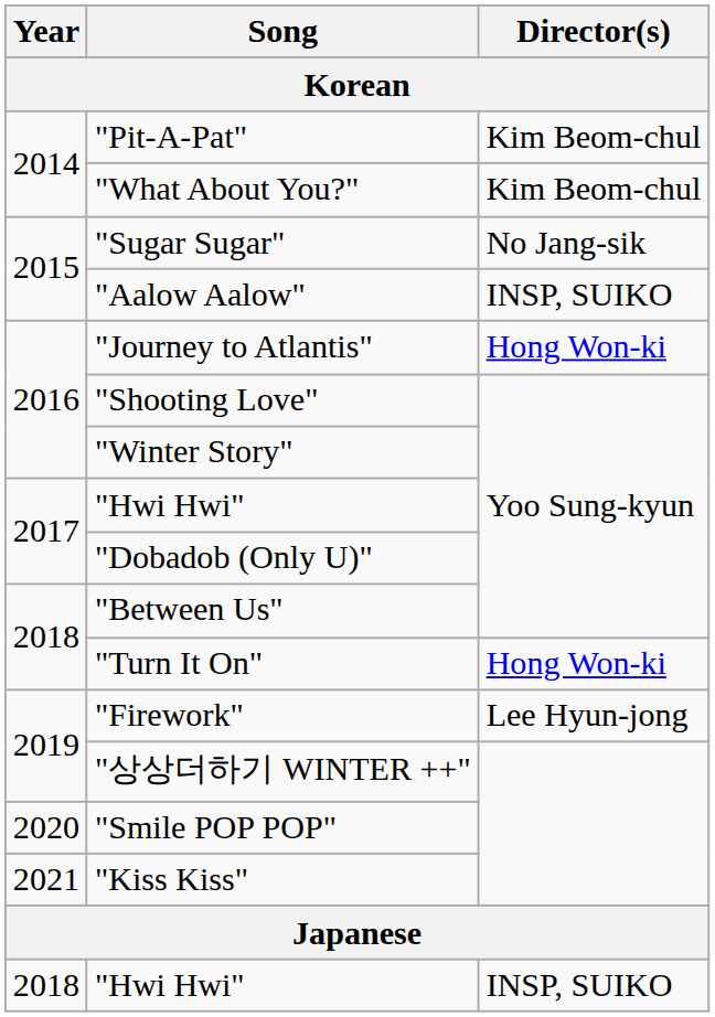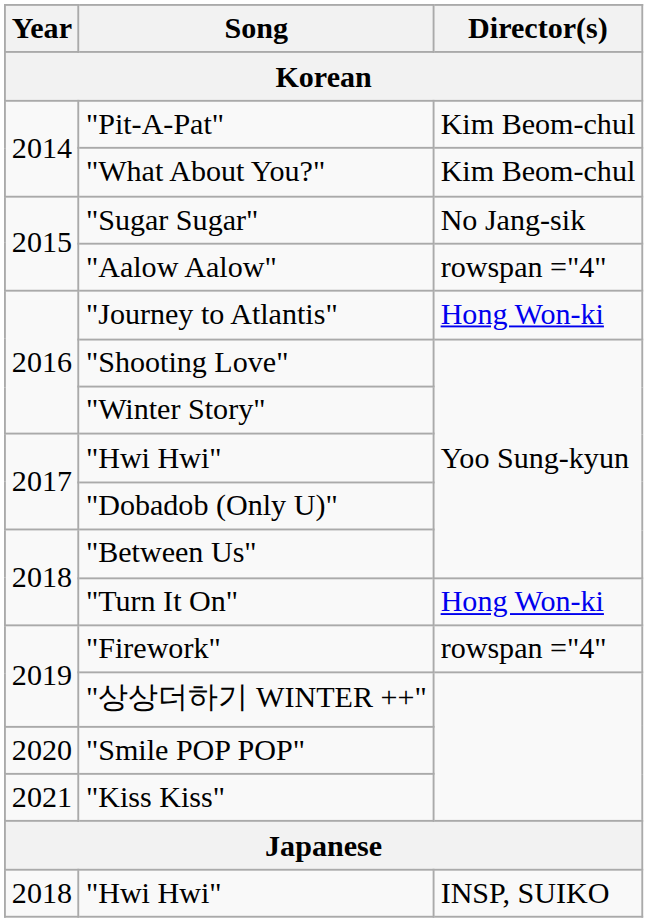 <table class="wikitable">
 <tr>
 <th align="center">Year</th>
 <th>Song</th>
 <th>Director(s)</th>
 </tr>
 <tr>
 <th colspan="3">Korean</th>
 </tr>
 <tr>
 <td rowspan=2>2014</td>
 <td>"Pit-A-Pat"</td>
 <td>Kim Beom-chul</td>
 </tr>
 <tr>
 <td>"What About You?"</td>
 <td>Kim Beom-chul</td>
 </tr>
 <tr>
 <td rowspan=2>2015</td>
 <td>"Sugar Sugar"</td>
 <td>No Jang-sik</td>
 </tr>
 <tr>
 <td>"Aalow Aalow"</td>
-<td>INSP, SUIKO</td>
+<td>rowspan ="4" </td>
 </tr>
 <tr>
 <td rowspan="3">2016</td>
 <td>"Journey to Atlantis"</td>
 <td><a href='#'>Hong Won-ki</a></td>
 </tr>
 <tr>
 <td>"Shooting Love"</td>
 <td rowspan="5">Yoo Sung-kyun</td>
 </tr>
 <tr>
 <td>"Winter Story"</td>
 </tr>
 <tr>
 <td rowspan ="2">2017</td>
 <td>"Hwi Hwi"</td>
 </tr>
 <tr>
 <td>"Dobadob (Only U)"</td>
 </tr>
 <tr>
 <td rowspan ="2">2018</td>
 <td>"Between Us"</td>
 </tr>
 <tr>
 <td>"Turn It On"</td>
 <td><a href='#'>Hong Won-ki</a></td>
 </tr>
 <tr>
 <td rowspan ="2">2019</td>
 <td>"Firework"</td>
-<td>Lee Hyun-jong</td>
+<td>rowspan ="4" </td>
 </tr>
 <tr>
 <td>"상상더하기 WINTER ++"</td>
 </tr>
 <tr>
 <td rowspan="1">2020</td>
 <td>"Smile POP POP"</td>
 </tr>
 <tr>
 <td rowspan="1">2021</td>
 <td>"Kiss Kiss"</td>
 </tr>
 <tr>
 <th colspan="3">Japanese</th>
 </tr>
 <tr>
 <td>2018</td>
 <td>"Hwi Hwi"</td>
 <td>INSP, SUIKO</td>
 </tr>
 </table>
